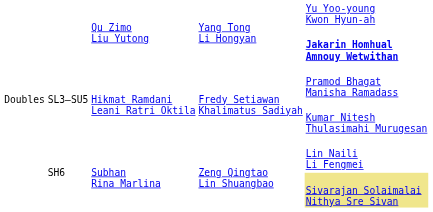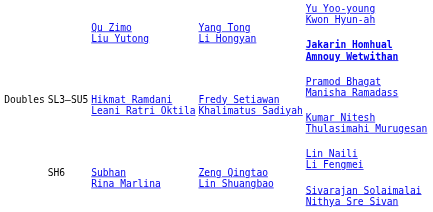 <table>
 <tr>
 <td rowspan="6">Doubles</td>
 <td rowspan="2"><br></td>
 <td rowspan="2"><br><a href='#'>Qu Zimo</a><br><a href='#'>Liu Yutong</a></td>
 <td rowspan="2"><br><a href='#'>Yang Tong</a><br><a href='#'>Li Hongyan</a></td>
 <td><br><a href='#'>Yu Yoo-young</a><br><a href='#'>Kwon Hyun-ah</a></td>
 </tr>
 <tr>
 <td><strong><br><a href='#'>Jakarin Homhual</a><br><a href='#'>Amnouy Wetwithan</a></strong></td>
 </tr>
 <tr>
 <td rowspan="2">SL3–SU5<br></td>
 <td rowspan="2"><br><a href='#'>Hikmat Ramdani</a><br><a href='#'>Leani Ratri Oktila</a></td>
 <td rowspan="2"><br><a href='#'>Fredy Setiawan</a><br><a href='#'>Khalimatus Sadiyah</a></td>
 <td><br><a href='#'>Pramod Bhagat</a><br><a href='#'>Manisha Ramadass</a></td>
 </tr>
 <tr>
 <td><br><a href='#'>Kumar Nitesh</a><br><a href='#'>Thulasimahi Murugesan</a></td>
 </tr>
 <tr>
 <td rowspan="2">SH6<br></td>
 <td rowspan="2"><br><a href='#'>Subhan</a><br><a href='#'>Rina Marlina</a></td>
 <td rowspan="2"><br><a href='#'>Zeng Qingtao</a><br><a href='#'>Lin Shuangbao</a></td>
 <td><br><a href='#'>Lin Naili</a><br><a href='#'>Li Fengmei</a></td>
 </tr>
 <tr>
-<td style="background: khaki;"><br><a href='#'>Sivarajan Solaimalai</a><br><a href='#'>Nithya Sre Sivan</a></td>
+<td><br><a href='#'>Sivarajan Solaimalai</a><br><a href='#'>Nithya Sre Sivan</a></td>
 </tr>
 </table>
